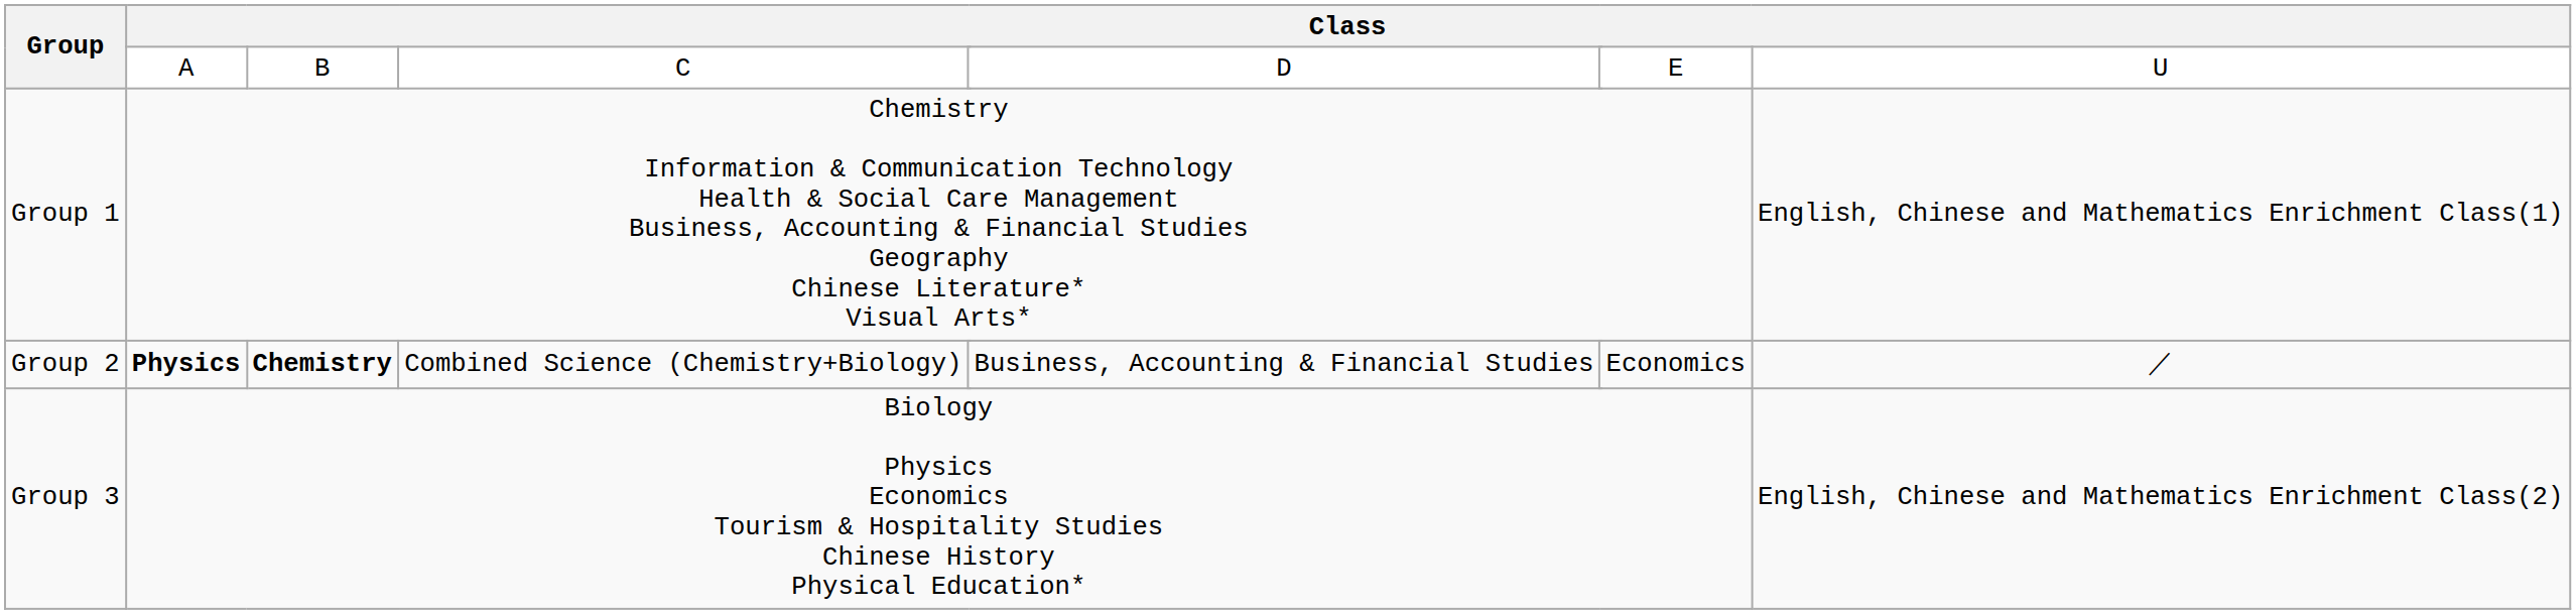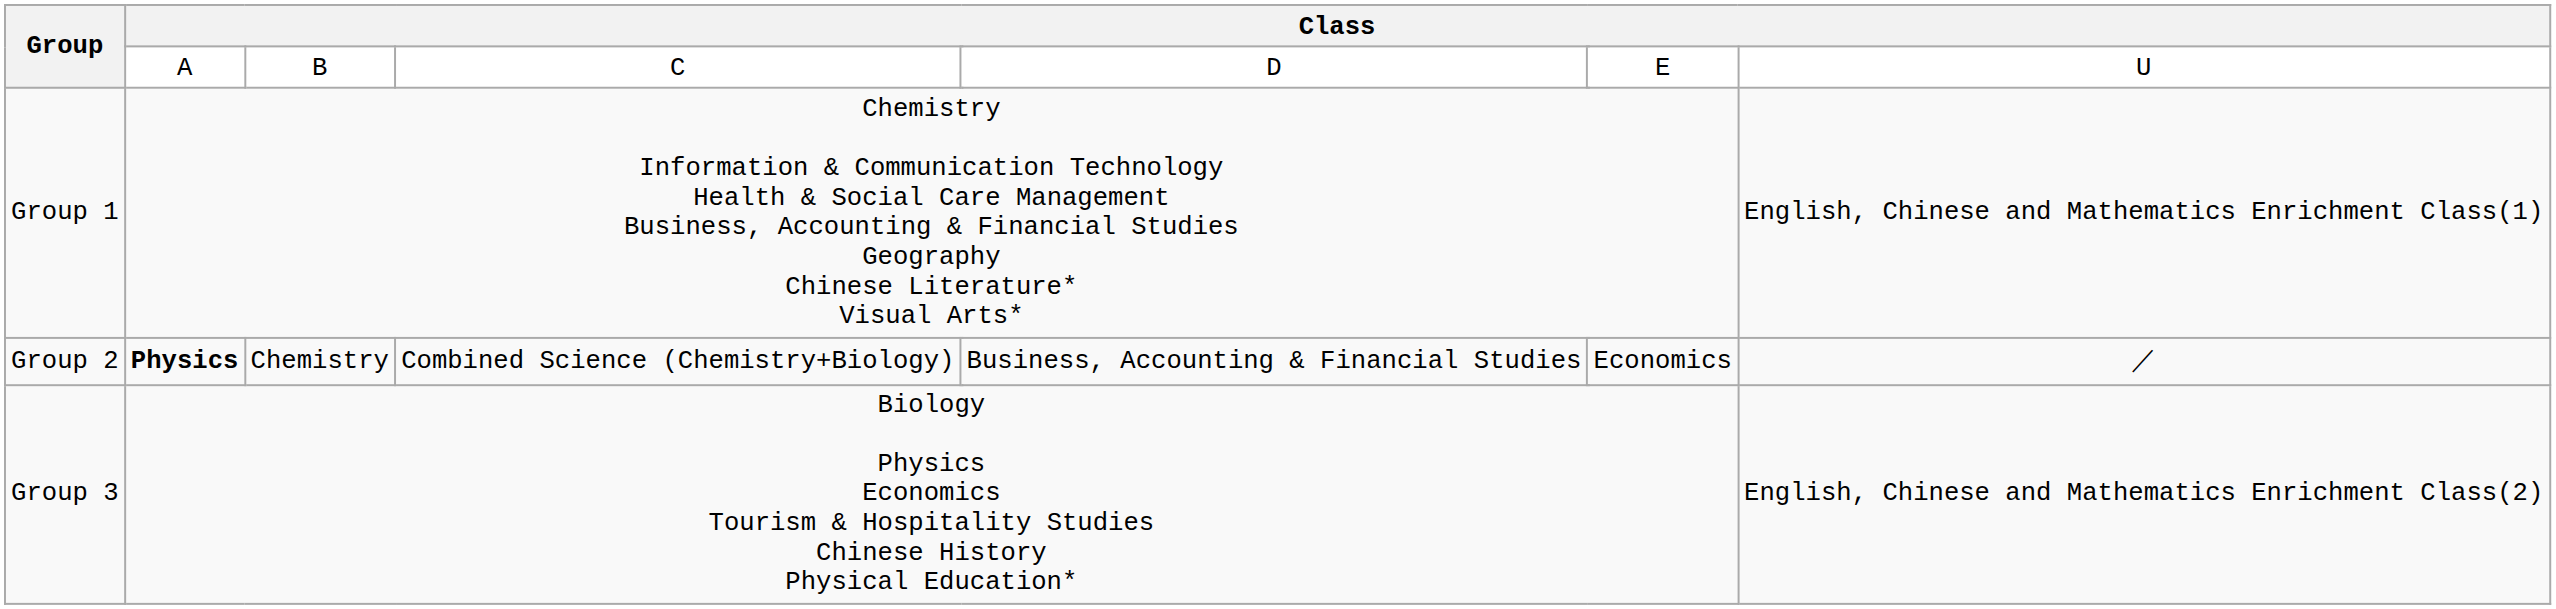 <table class="wikitable" border="1">
 <tr bgcolor="#CCCCCC">
 <th align="center" rowspan="2">Group</th>
 <th align="center" colspan="8">Class</th>
 </tr>
 <tr bgcolor="#FFFFFF">
 <td align="center">A</td>
 <td align="center">B</td>
 <td align="center" colspan="2">C</td>
 <td align="center" colspan="2">D</td>
 <td align="center">E</td>
 <td align="center" colspan="2">U</td>
 </tr>
 <tr>
 <td align="center">Group 1</td>
 <td align="center" colspan="7">Chemistry<br><br>Information & Communication Technology<br> Health & Social Care Management<br> Business, Accounting & Financial Studies<br> Geography<br> Chinese Literature*<br> Visual Arts*</td>
 <td align="left">English, Chinese and Mathematics Enrichment Class(1)</td>
 </tr>
 <tr>
 <td align="center">Group 2</td>
 <td align="center"><strong>Physics</strong></td>
-<td align="center"><strong>Chemistry</strong></td>
+<td align="center">Chemistry</td>
 <td align="center" colspan="2">Combined Science (Chemistry+Biology)<br></td>
 <td align="center" colspan="2">Business, Accounting & Financial Studies<br></td>
 <td align="center">Economics</td>
 <td align="center">／</td>
 </tr>
 <tr>
 <td align="center">Group 3</td>
 <td align="center" colspan="7">Biology<br><br>Physics<br> Economics<br> Tourism & Hospitality Studies<br> Chinese History<br> Physical Education*</td>
 <td align="left">English, Chinese and Mathematics Enrichment Class(2)</td>
 </tr>
 </table>
